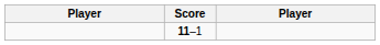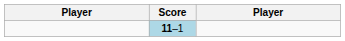 <table class="wikitable " style="font-size: 90%">
 <tr>
 <th width=200>Player</th>
 <th width=60>Score</th>
 <th width=200>Player</th>
 </tr>
 <tr>
 <td><strong></strong></td>
-<td align="center"><strong>11</strong>–1</td>
+<td align="center" style="background: lightblue;"><strong>11</strong>–1</td>
 <td></td>
 </tr>
 </table>
